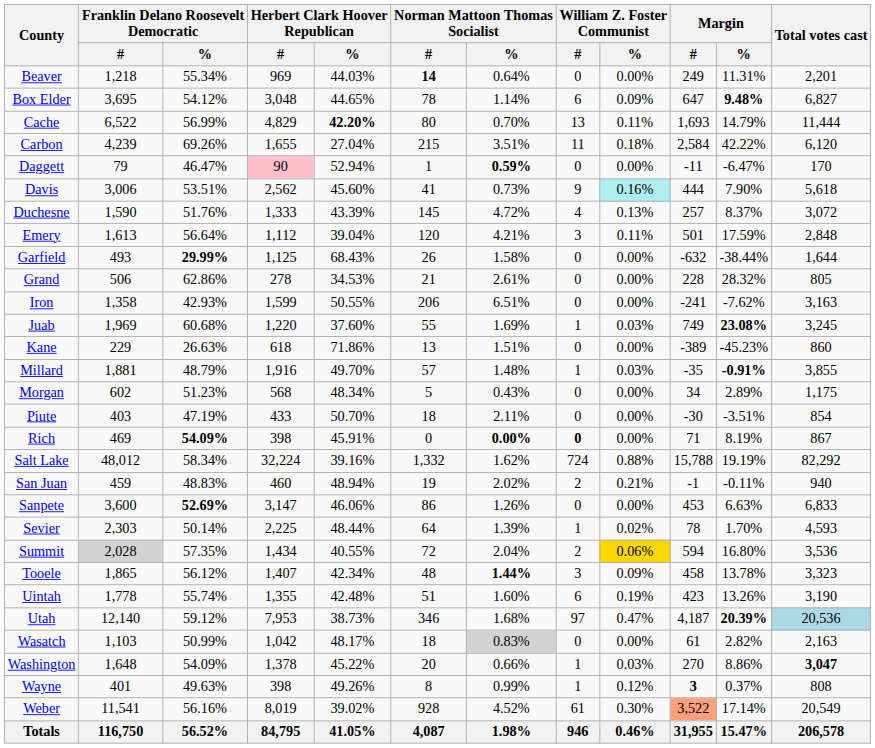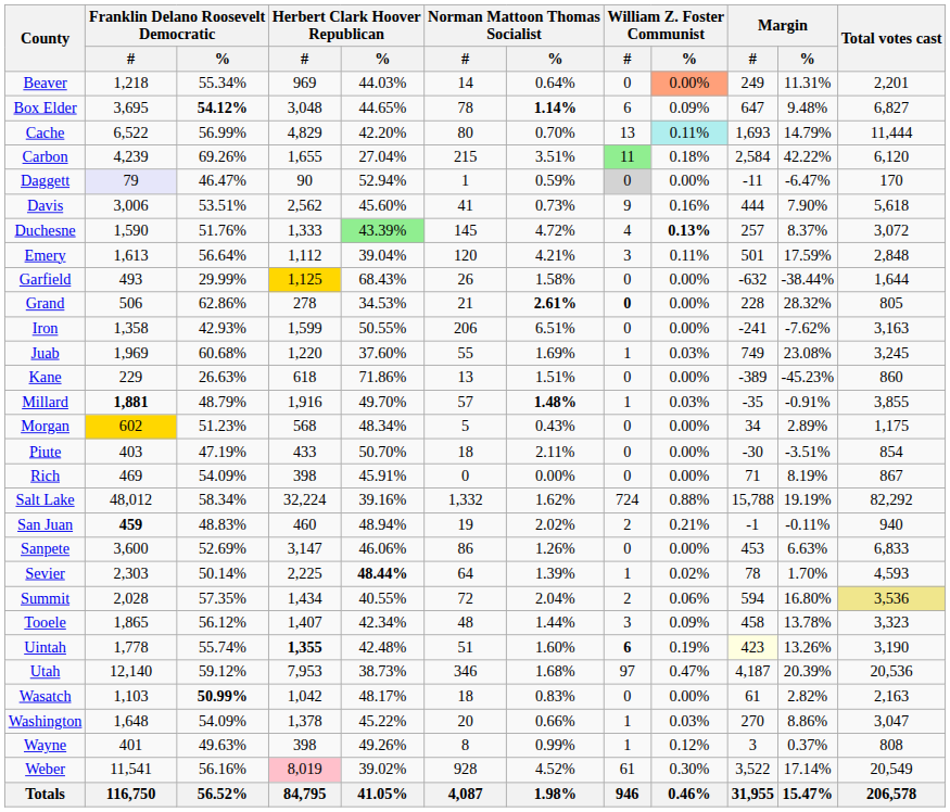 <table class="wikitable sortable" style="text-align:center">
 <tr>
 <th colspan="1" rowspan="2">County</th>
 <th style="text-align:center;" colspan="2">Franklin Delano Roosevelt<br>Democratic</th>
 <th style="text-align:center;" colspan="2">Herbert Clark Hoover<br>Republican</th>
 <th style="text-align:center;" colspan="2">Norman Mattoon Thomas<br>Socialist</th>
 <th style="text-align:center;" colspan="2">William Z. Foster<br>Communist</th>
 <th style="text-align:center;" colspan="2">Margin</th>
 <th colspan="1" rowspan="2" style="text-align:center;">Total votes cast</th>
 </tr>
 <tr>
 <th style="text-align:center;" data-sort-type="number">#</th>
 <th style="text-align:center;" data-sort-type="number">%</th>
 <th style="text-align:center;" data-sort-type="number">#</th>
 <th style="text-align:center;" data-sort-type="number">%</th>
 <th style="text-align:center;" data-sort-type="number">#</th>
 <th style="text-align:center;" data-sort-type="number">%</th>
 <th style="text-align:center;" data-sort-type="number">#</th>
 <th style="text-align:center;" data-sort-type="number">%</th>
 <th style="text-align:center;" data-sort-type="number">#</th>
 <th style="text-align:center;" data-sort-type="number">%</th>
 </tr>
 <tr style="text-align:center;">
 <td><a href='#'>Beaver</a></td>
 <td>1,218</td>
 <td>55.34%</td>
 <td>969</td>
 <td>44.03%</td>
-<td><strong>14</strong></td>
+<td>14</td>
 <td>0.64%</td>
 <td>0</td>
-<td>0.00%</td>
+<td style="background: lightsalmon;">0.00%</td>
 <td>249</td>
 <td>11.31%</td>
 <td>2,201</td>
 </tr>
 <tr style="text-align:center;">
 <td><a href='#'>Box Elder</a></td>
 <td>3,695</td>
-<td>54.12%</td>
+<td><strong>54.12%</strong></td>
 <td>3,048</td>
 <td>44.65%</td>
 <td>78</td>
-<td>1.14%</td>
+<td><strong>1.14%</strong></td>
 <td>6</td>
 <td>0.09%</td>
 <td>647</td>
-<td><strong>9.48%</strong></td>
+<td>9.48%</td>
 <td>6,827</td>
 </tr>
 <tr style="text-align:center;">
 <td><a href='#'>Cache</a></td>
 <td>6,522</td>
 <td>56.99%</td>
 <td>4,829</td>
-<td><strong>42.20%</strong></td>
+<td>42.20%</td>
 <td>80</td>
 <td>0.70%</td>
 <td>13</td>
-<td>0.11%</td>
+<td style="background: paleturquoise;">0.11%</td>
 <td>1,693</td>
 <td>14.79%</td>
 <td>11,444</td>
 </tr>
 <tr style="text-align:center;">
 <td><a href='#'>Carbon</a></td>
 <td>4,239</td>
 <td>69.26%</td>
 <td>1,655</td>
 <td>27.04%</td>
 <td>215</td>
 <td>3.51%</td>
-<td>11</td>
+<td style="background: lightgreen;">11</td>
 <td>0.18%</td>
 <td>2,584</td>
 <td>42.22%</td>
 <td>6,120</td>
 </tr>
 <tr style="text-align:center;">
 <td><a href='#'>Daggett</a></td>
-<td>79</td>
+<td style="background: lavender;">79</td>
 <td>46.47%</td>
-<td style="background: pink;">90</td>
+<td>90</td>
 <td>52.94%</td>
 <td>1</td>
-<td><strong>0.59%</strong></td>
-<td>0</td>
+<td>0.59%</td>
+<td style="background: lightgrey;">0</td>
 <td>0.00%</td>
 <td>-11</td>
 <td>-6.47%</td>
 <td>170</td>
 </tr>
 <tr style="text-align:center;">
 <td><a href='#'>Davis</a></td>
 <td>3,006</td>
 <td>53.51%</td>
 <td>2,562</td>
 <td>45.60%</td>
 <td>41</td>
 <td>0.73%</td>
 <td>9</td>
-<td style="background: paleturquoise;">0.16%</td>
+<td>0.16%</td>
 <td>444</td>
 <td>7.90%</td>
 <td>5,618</td>
 </tr>
 <tr style="text-align:center;">
 <td><a href='#'>Duchesne</a></td>
 <td>1,590</td>
 <td>51.76%</td>
 <td>1,333</td>
-<td>43.39%</td>
+<td style="background: lightgreen;">43.39%</td>
 <td>145</td>
 <td>4.72%</td>
 <td>4</td>
-<td>0.13%</td>
+<td><strong>0.13%</strong></td>
 <td>257</td>
 <td>8.37%</td>
 <td>3,072</td>
 </tr>
 <tr style="text-align:center;">
 <td><a href='#'>Emery</a></td>
 <td>1,613</td>
 <td>56.64%</td>
 <td>1,112</td>
 <td>39.04%</td>
 <td>120</td>
 <td>4.21%</td>
 <td>3</td>
 <td>0.11%</td>
 <td>501</td>
 <td>17.59%</td>
 <td>2,848</td>
 </tr>
 <tr style="text-align:center;">
 <td><a href='#'>Garfield</a></td>
 <td>493</td>
-<td><strong>29.99%</strong></td>
-<td>1,125</td>
+<td>29.99%</td>
+<td style="background: gold;">1,125</td>
 <td>68.43%</td>
 <td>26</td>
 <td>1.58%</td>
 <td>0</td>
 <td>0.00%</td>
 <td>-632</td>
 <td>-38.44%</td>
 <td>1,644</td>
 </tr>
 <tr style="text-align:center;">
 <td><a href='#'>Grand</a></td>
 <td>506</td>
 <td>62.86%</td>
 <td>278</td>
 <td>34.53%</td>
 <td>21</td>
-<td>2.61%</td>
-<td>0</td>
+<td><strong>2.61%</strong></td>
+<td><strong>0</strong></td>
 <td>0.00%</td>
 <td>228</td>
 <td>28.32%</td>
 <td>805</td>
 </tr>
 <tr style="text-align:center;">
 <td><a href='#'>Iron</a></td>
 <td>1,358</td>
 <td>42.93%</td>
 <td>1,599</td>
 <td>50.55%</td>
 <td>206</td>
 <td>6.51%</td>
 <td>0</td>
 <td>0.00%</td>
 <td>-241</td>
 <td>-7.62%</td>
 <td>3,163</td>
 </tr>
 <tr style="text-align:center;">
 <td><a href='#'>Juab</a></td>
 <td>1,969</td>
 <td>60.68%</td>
 <td>1,220</td>
 <td>37.60%</td>
 <td>55</td>
 <td>1.69%</td>
 <td>1</td>
 <td>0.03%</td>
 <td>749</td>
-<td><strong>23.08%</strong></td>
+<td>23.08%</td>
 <td>3,245</td>
 </tr>
 <tr style="text-align:center;">
 <td><a href='#'>Kane</a></td>
 <td>229</td>
 <td>26.63%</td>
 <td>618</td>
 <td>71.86%</td>
 <td>13</td>
 <td>1.51%</td>
 <td>0</td>
 <td>0.00%</td>
 <td>-389</td>
 <td>-45.23%</td>
 <td>860</td>
 </tr>
 <tr style="text-align:center;">
 <td><a href='#'>Millard</a></td>
-<td>1,881</td>
+<td><strong>1,881</strong></td>
 <td>48.79%</td>
 <td>1,916</td>
 <td>49.70%</td>
 <td>57</td>
-<td>1.48%</td>
+<td><strong>1.48%</strong></td>
 <td>1</td>
 <td>0.03%</td>
 <td>-35</td>
-<td><strong>-0.91%</strong></td>
+<td>-0.91%</td>
 <td>3,855</td>
 </tr>
 <tr style="text-align:center;">
 <td><a href='#'>Morgan</a></td>
-<td>602</td>
+<td style="background: gold;">602</td>
 <td>51.23%</td>
 <td>568</td>
 <td>48.34%</td>
 <td>5</td>
 <td>0.43%</td>
 <td>0</td>
 <td>0.00%</td>
 <td>34</td>
 <td>2.89%</td>
 <td>1,175</td>
 </tr>
 <tr style="text-align:center;">
 <td><a href='#'>Piute</a></td>
 <td>403</td>
 <td>47.19%</td>
 <td>433</td>
 <td>50.70%</td>
 <td>18</td>
 <td>2.11%</td>
 <td>0</td>
 <td>0.00%</td>
 <td>-30</td>
 <td>-3.51%</td>
 <td>854</td>
 </tr>
 <tr style="text-align:center;">
 <td><a href='#'>Rich</a></td>
 <td>469</td>
-<td><strong>54.09%</strong></td>
+<td>54.09%</td>
 <td>398</td>
 <td>45.91%</td>
 <td>0</td>
-<td><strong>0.00%</strong></td>
-<td><strong>0</strong></td>
+<td>0.00%</td>
+<td>0</td>
 <td>0.00%</td>
 <td>71</td>
 <td>8.19%</td>
 <td>867</td>
 </tr>
 <tr style="text-align:center;">
 <td><a href='#'>Salt Lake</a></td>
 <td>48,012</td>
 <td>58.34%</td>
 <td>32,224</td>
 <td>39.16%</td>
 <td>1,332</td>
 <td>1.62%</td>
 <td>724</td>
 <td>0.88%</td>
 <td>15,788</td>
 <td>19.19%</td>
 <td>82,292</td>
 </tr>
 <tr style="text-align:center;">
 <td><a href='#'>San Juan</a></td>
-<td>459</td>
+<td><strong>459</strong></td>
 <td>48.83%</td>
 <td>460</td>
 <td>48.94%</td>
 <td>19</td>
 <td>2.02%</td>
 <td>2</td>
 <td>0.21%</td>
 <td>-1</td>
 <td>-0.11%</td>
 <td>940</td>
 </tr>
 <tr style="text-align:center;">
 <td><a href='#'>Sanpete</a></td>
 <td>3,600</td>
-<td><strong>52.69%</strong></td>
+<td>52.69%</td>
 <td>3,147</td>
 <td>46.06%</td>
 <td>86</td>
 <td>1.26%</td>
 <td>0</td>
 <td>0.00%</td>
 <td>453</td>
 <td>6.63%</td>
 <td>6,833</td>
 </tr>
 <tr style="text-align:center;">
 <td><a href='#'>Sevier</a></td>
 <td>2,303</td>
 <td>50.14%</td>
 <td>2,225</td>
-<td>48.44%</td>
+<td><strong>48.44%</strong></td>
 <td>64</td>
 <td>1.39%</td>
 <td>1</td>
 <td>0.02%</td>
 <td>78</td>
 <td>1.70%</td>
 <td>4,593</td>
 </tr>
 <tr style="text-align:center;">
 <td><a href='#'>Summit</a></td>
-<td style="background: lightgrey;">2,028</td>
+<td>2,028</td>
 <td>57.35%</td>
 <td>1,434</td>
 <td>40.55%</td>
 <td>72</td>
 <td>2.04%</td>
 <td>2</td>
-<td style="background: gold;">0.06%</td>
+<td>0.06%</td>
 <td>594</td>
 <td>16.80%</td>
-<td>3,536</td>
+<td style="background: khaki;">3,536</td>
 </tr>
 <tr style="text-align:center;">
 <td><a href='#'>Tooele</a></td>
 <td>1,865</td>
 <td>56.12%</td>
 <td>1,407</td>
 <td>42.34%</td>
 <td>48</td>
-<td><strong>1.44%</strong></td>
+<td>1.44%</td>
 <td>3</td>
 <td>0.09%</td>
 <td>458</td>
 <td>13.78%</td>
 <td>3,323</td>
 </tr>
 <tr style="text-align:center;">
 <td><a href='#'>Uintah</a></td>
 <td>1,778</td>
 <td>55.74%</td>
-<td>1,355</td>
+<td><strong>1,355</strong></td>
 <td>42.48%</td>
 <td>51</td>
 <td>1.60%</td>
-<td>6</td>
+<td><strong>6</strong></td>
 <td>0.19%</td>
-<td>423</td>
+<td style="background: lightyellow;">423</td>
 <td>13.26%</td>
 <td>3,190</td>
 </tr>
 <tr style="text-align:center;">
 <td><a href='#'>Utah</a></td>
 <td>12,140</td>
 <td>59.12%</td>
 <td>7,953</td>
 <td>38.73%</td>
 <td>346</td>
 <td>1.68%</td>
 <td>97</td>
 <td>0.47%</td>
 <td>4,187</td>
-<td><strong>20.39%</strong></td>
-<td style="background: lightblue;">20,536</td>
+<td>20.39%</td>
+<td>20,536</td>
 </tr>
 <tr style="text-align:center;">
 <td><a href='#'>Wasatch</a></td>
 <td>1,103</td>
-<td>50.99%</td>
+<td><strong>50.99%</strong></td>
 <td>1,042</td>
 <td>48.17%</td>
 <td>18</td>
-<td style="background: lightgrey;">0.83%</td>
+<td>0.83%</td>
 <td>0</td>
 <td>0.00%</td>
 <td>61</td>
 <td>2.82%</td>
 <td>2,163</td>
 </tr>
 <tr style="text-align:center;">
 <td><a href='#'>Washington</a></td>
 <td>1,648</td>
 <td>54.09%</td>
 <td>1,378</td>
 <td>45.22%</td>
 <td>20</td>
 <td>0.66%</td>
 <td>1</td>
 <td>0.03%</td>
 <td>270</td>
 <td>8.86%</td>
-<td><strong>3,047</strong></td>
+<td>3,047</td>
 </tr>
 <tr style="text-align:center;">
 <td><a href='#'>Wayne</a></td>
 <td>401</td>
 <td>49.63%</td>
 <td>398</td>
 <td>49.26%</td>
 <td>8</td>
 <td>0.99%</td>
 <td>1</td>
 <td>0.12%</td>
-<td><strong>3</strong></td>
+<td>3</td>
 <td>0.37%</td>
 <td>808</td>
 </tr>
 <tr style="text-align:center;">
 <td><a href='#'>Weber</a></td>
 <td>11,541</td>
 <td>56.16%</td>
-<td>8,019</td>
+<td style="background: pink;">8,019</td>
 <td>39.02%</td>
 <td>928</td>
 <td>4.52%</td>
 <td>61</td>
 <td>0.30%</td>
-<td style="background: lightsalmon;">3,522</td>
+<td>3,522</td>
 <td>17.14%</td>
 <td>20,549</td>
 </tr>
 <tr style="text-align:center;">
 <th>Totals</th>
 <th>116,750</th>
 <th>56.52%</th>
 <th>84,795</th>
 <th>41.05%</th>
 <th>4,087</th>
 <th>1.98%</th>
 <th>946</th>
 <th>0.46%</th>
 <th>31,955</th>
 <th>15.47%</th>
 <th>206,578</th>
 </tr>
 </table>
